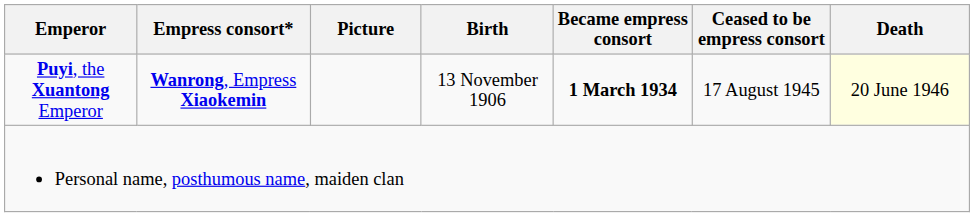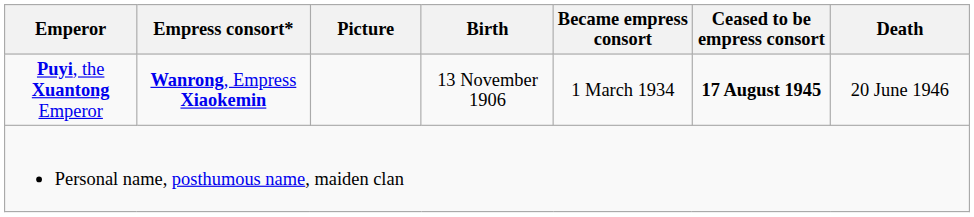 <table class="wikitable" style="width:95%;">
 <tr>
 <th style="width:6%;">Emperor</th>
 <th style="width:10%;">Empress consort*</th>
 <th style="width:6%;">Picture</th>
 <th style="width:6%;">Birth</th>
 <th style="width:8%;">Became empress consort</th>
 <th style="width:8%;">Ceased to be empress consort</th>
 <th style="width:8%;">Death</th>
 </tr>
 <tr>
 <td style="text-align:center;"><a href='#'><strong>Puyi</strong>, the <strong>Xuantong</strong> Emperor</a></td>
 <td style="text-align:center;"><a href='#'><strong>Wanrong</strong>, Empress <strong>Xiaokemin</strong><br></a></td>
 <td style="text-align:center;"></td>
 <td style="text-align:center;">13 November 1906</td>
-<td style="text-align:center;"><strong>1 March 1934</strong></td>
-<td style="text-align:center;">17 August 1945 <br><em></em></td>
-<td style="background: lightyellow; text-align:center;">20 June 1946</td>
+<td style="text-align:center;">1 March 1934</td>
+<td style="text-align:center;"><strong>17 August 1945 <br><em></em></strong></td>
+<td style="text-align:center;">20 June 1946</td>
 </tr>
 <tr>
 <td style="text-align:left;" colspan="7"><br><ul><li>Personal name, <a href='#'>posthumous name</a>, maiden clan</li></ul></td>
 </tr>
 </table>
